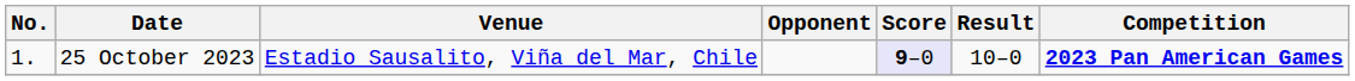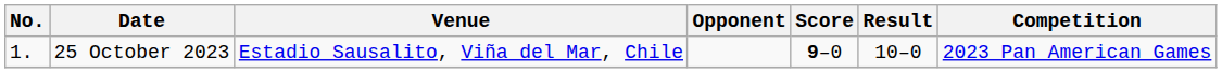 <table class="wikitable">
 <tr>
 <th>No.</th>
 <th>Date</th>
 <th>Venue</th>
 <th>Opponent</th>
 <th>Score</th>
 <th>Result</th>
 <th>Competition</th>
 </tr>
 <tr>
 <td>1.</td>
 <td>25 October 2023</td>
 <td><a href='#'>Estadio Sausalito</a>, <a href='#'>Viña del Mar</a>, <a href='#'>Chile</a></td>
 <td></td>
-<td align=center style="background: lavender;"><strong>9</strong>–0</td>
+<td align=center><strong>9</strong>–0</td>
 <td align=center>10–0</td>
-<td><strong><a href='#'>2023 Pan American Games</a></strong></td>
+<td><a href='#'>2023 Pan American Games</a></td>
 </tr>
 <tr>
 </tr>
 </table>
